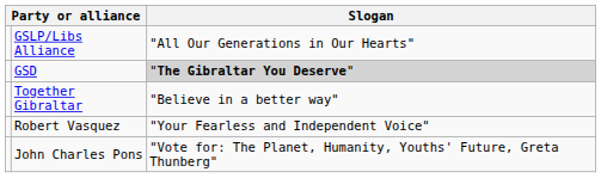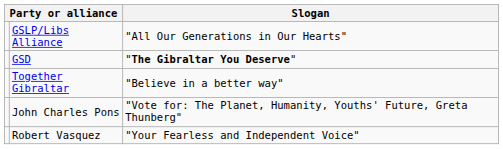 <table class=wikitable>
 <tr>
 <th colspan=2>Party or alliance</th>
 <th>Slogan</th>
 </tr>
 <tr>
 <td></td>
 <td><a href='#'>GSLP/Libs Alliance</a></td>
 <td>"All Our Generations in Our Hearts"</td>
 </tr>
 <tr>
 <td></td>
 <td><a href='#'>GSD</a></td>
-<td style="background: lightgrey;">"<strong>The Gibraltar You Deserve</strong>"</td>
+<td>"<strong>The Gibraltar You Deserve</strong>"</td>
 </tr>
 <tr>
 <td></td>
 <td><a href='#'>Together Gibraltar</a></td>
 <td>"Believe in a better way"</td>
 </tr>
 <tr>
 <td></td>
+<td>John Charles Pons</td>
+<td>"Vote for: The Planet, Humanity, Youths' Future, Greta Thunberg"</td>
+</tr>
+<tr>
+<td></td>
 <td>Robert Vasquez</td>
 <td>"Your Fearless and Independent Voice"</td>
 </tr>
-<tr>
-<td></td>
-<td>John Charles Pons</td>
-<td>"Vote for: The Planet, Humanity, Youths' Future, Greta Thunberg"</td>
-</tr>
 </table>
